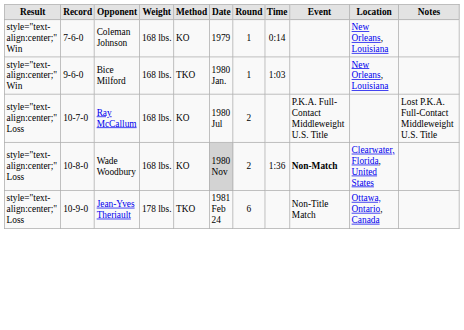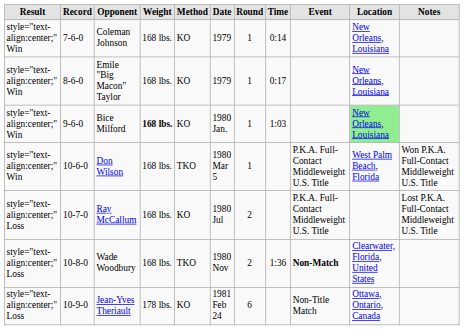 <table class="wikitable sortable" style="font-size:80%; text-align:left; width:100%;">
 <tr style="margin:0.5em auto; font-size:100%;">
 <th style="border-style:none none solid solid; background:#e3e3e3;">Result</th>
 <th style="border-style:none none solid solid; background:#e3e3e3;">Record</th>
 <th style="border-style:none none solid solid; background:#e3e3e3;">Opponent</th>
 <th style="border-style:none none solid solid; background:#e3e3e3;">Weight</th>
 <th style="border-style:none none solid solid; background:#e3e3e3;">Method</th>
 <th style="border-style:none none solid solid; background:#e3e3e3;">Date</th>
 <th style="border-style:none none solid solid; background:#e3e3e3;">Round</th>
 <th style="border-style:none none solid solid; background:#e3e3e3;">Time</th>
 <th style="border-style:none none solid solid; background:#e3e3e3;">Event</th>
 <th style="border-style:none none solid solid; background:#e3e3e3;">Location</th>
 <th style="border-style:none none solid solid; background:#e3e3e3;">Notes</th>
 </tr>
 <tr>
 <td>style="text-align:center;" Win</td>
 <td align='left'>7-6-0</td>
 <td align='left'>Coleman Johnson</td>
 <td align='left'>168 lbs.</td>
 <td align='left'>KO</td>
 <td align='left'>1979</td>
 <td style="text-align:center;">1</td>
 <td style="text-align:center;">0:14</td>
 <td align='left'></td>
 <td><a href='#'>New Orleans</a>, <a href='#'>Louisiana</a></td>
 <td></td>
 </tr>
 <tr>
 <td>style="text-align:center;" Win</td>
+<td align='left'>8-6-0</td>
+<td align='left'>Emile "Big Macon" Taylor</td>
+<td align='left'>168 lbs.</td>
+<td align='left'>KO</td>
+<td align='left'>1979</td>
+<td style="text-align:center;">1</td>
+<td style="text-align:center;">0:17</td>
+<td align='left'></td>
+<td><a href='#'>New Orleans</a>, <a href='#'>Louisiana</a></td>
+<td></td>
+</tr>
+<tr>
+<td>style="text-align:center;" Win</td>
 <td align='left'>9-6-0</td>
 <td align='left'>Bice Milford</td>
-<td align='left'>168 lbs.</td>
-<td align='left'>TKO</td>
+<td align='left'><strong>168 lbs.</strong></td>
+<td align='left'>KO</td>
 <td align='left'>1980 Jan.</td>
 <td style="text-align:center;">1</td>
 <td style="text-align:center;">1:03</td>
 <td align='left'></td>
-<td><a href='#'>New Orleans</a>, <a href='#'>Louisiana</a></td>
+<td style="background: lightgreen;"><a href='#'>New Orleans</a>, <a href='#'>Louisiana</a></td>
 <td></td>
+</tr>
+<tr>
+<td>style="text-align:center;" Win</td>
+<td align='left'>10-6-0</td>
+<td align='left'><a href='#'>Don Wilson</a></td>
+<td align='left'>168 lbs.</td>
+<td align='left'>TKO</td>
+<td align='left'>1980 Mar 5</td>
+<td style="text-align:center;">1</td>
+<td style="text-align:center;"></td>
+<td align='left'>P.K.A. Full-Contact Middleweight U.S. Title</td>
+<td><a href='#'>West Palm Beach</a>, <a href='#'>Florida</a></td>
+<td>Won P.K.A. Full-Contact Middleweight U.S. Title</td>
 </tr>
 <tr>
 <td>style="text-align:center;" Loss</td>
 <td align='left'>10-7-0</td>
 <td align='left'><a href='#'>Ray McCallum</a></td>
 <td align='left'>168 lbs.</td>
 <td align='left'>KO</td>
 <td align='left'>1980 Jul</td>
 <td style="text-align:center;">2</td>
 <td style="text-align:center;"></td>
 <td align='left'>P.K.A. Full-Contact Middleweight U.S. Title</td>
 <td></td>
 <td>Lost P.K.A. Full-Contact Middleweight U.S. Title</td>
 </tr>
 <tr>
 <td>style="text-align:center;" Loss</td>
 <td align='left'>10-8-0</td>
 <td align='left'>Wade Woodbury</td>
 <td align='left'>168 lbs.</td>
-<td align='left'>KO</td>
-<td align='left' style="background: lightgrey;">1980 Nov</td>
+<td align='left'>TKO</td>
+<td align='left'>1980 Nov</td>
 <td style="text-align:center;">2</td>
 <td style="text-align:center;">1:36</td>
 <td align='left'><strong>Non-Match</strong></td>
 <td><a href='#'>Clearwater, Florida</a>, <a href='#'>United States</a></td>
 <td></td>
 </tr>
 <tr>
 <td>style="text-align:center;" Loss</td>
 <td align='left'>10-9-0</td>
 <td align='left'><a href='#'>Jean-Yves Theriault</a></td>
 <td align='left'>178 lbs.</td>
-<td align='left'>TKO</td>
+<td align='left'>KO</td>
 <td align='left'>1981 Feb 24</td>
 <td style="text-align:center;">6</td>
 <td style="text-align:center;"></td>
 <td align='left'>Non-Title Match</td>
 <td><a href='#'>Ottawa, Ontario</a>, <a href='#'>Canada</a></td>
 </tr>
 </table>
